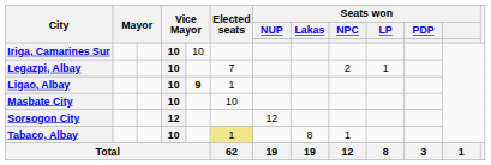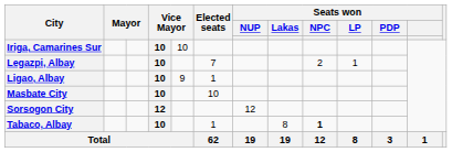 <table class="wikitable" style="text-align:center; font-size: 0.9em;">
 <tr>
 <th rowspan="3">City</th>
 <th colspan="2" rowspan="3" style="width:60px;">Mayor</th>
 <th colspan="2" rowspan="3" style="width:60px;">Vice Mayor</th>
 <th rowspan="3">Elected<br>seats</th>
 <th colspan="6">Seats won</th>
 <th rowspan="3"></th>
 </tr>
 <tr>
 <th class="unsortable" style="width:45px;"><a href='#'>NUP</a></th>
 <th class="unsortable" style="width:45px;"><a href='#'>Lakas</a></th>
 <th class="unsortable" style="width:45px;"><a href='#'>NPC</a></th>
 <th class="unsortable" style="width:45px;"><a href='#'>LP</a></th>
 <th class="unsortable" style="width:45px;"><a href='#'>PDP</a></th>
 <th class="unsortable" style="width:45px;"></th>
 </tr>
 <tr>
 <th style="color:inherit;background:"></th>
 <th style="color:inherit;background:"></th>
 <th style="color:inherit;background:"></th>
 <th style="color:inherit;background:"></th>
 <th style="color:inherit;background:"></th>
 <th style="color:inherit;background:"></th>
 </tr>
 <tr>
 <th style="text-align: left;"><a href='#'>Iriga, Camarines Sur</a></th>
 <td></td>
 <td></td>
 <th>10</th>
 <td>10</td>
 <td></td>
 <td></td>
 <td></td>
 <td></td>
 <td></td>
 <td></td>
 </tr>
 <tr>
 <th style="text-align: left;"><a href='#'>Legazpi, Albay</a></th>
 <td></td>
 <td></td>
 <th>10</th>
 <td></td>
 <td>7</td>
 <td></td>
 <td></td>
 <td>2</td>
 <td>1</td>
 <td></td>
 </tr>
 <tr>
 <th style="text-align: left;"><a href='#'>Ligao, Albay</a></th>
 <td></td>
 <td></td>
 <th>10</th>
-<td><strong>9</strong></td>
+<td>9</td>
 <td>1</td>
 <td></td>
 <td></td>
 <td></td>
 <td></td>
 <td></td>
 </tr>
 <tr>
 <th style="text-align: left;"><a href='#'>Masbate City</a></th>
 <td></td>
 <td></td>
 <th>10</th>
 <td></td>
 <td>10</td>
 <td></td>
 <td></td>
 <td></td>
 <td></td>
 <td></td>
 </tr>
 <tr>
 <th style="text-align: left;"><a href='#'>Sorsogon City</a></th>
 <td></td>
 <td></td>
 <th>12</th>
 <td></td>
 <td></td>
 <td>12</td>
 <td></td>
 <td></td>
 <td></td>
 <td></td>
 </tr>
 <tr>
 <th style="text-align: left;"><a href='#'>Tabaco, Albay</a></th>
 <td></td>
 <td></td>
 <th>10</th>
 <td></td>
-<td style="background: khaki;">1</td>
+<td>1</td>
 <td></td>
 <td>8</td>
-<td>1</td>
+<td><strong>1</strong></td>
 <td></td>
 <td></td>
 </tr>
 <tr>
 <th colspan="5">Total</th>
 <th>62</th>
 <th>19</th>
 <th>19</th>
 <th>12</th>
 <th>8</th>
 <th>3</th>
 <th>1</th>
 <th></th>
 </tr>
 </table>
